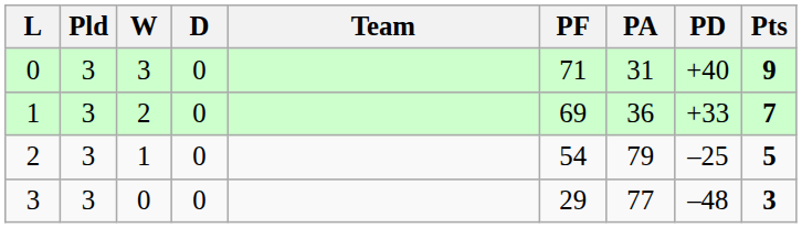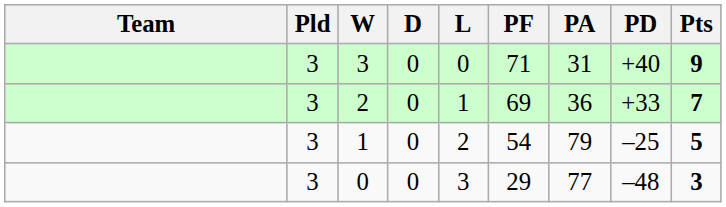 <table class="wikitable" style="text-align:center;">
 <tr>
-<th width=25 abbr="Lost">L</th>
+<th width=175>Team</th>
 <th width=25 abbr="Played">Pld</th>
 <th width=25 abbr="Won">W</th>
 <th width=25 abbr="Drawn">D</th>
-<th width=175>Team</th>
+<th width=25 abbr="Lost">L</th>
 <th width=32 abbr="Points for">PF</th>
 <th width=32 abbr="Points against">PA</th>
 <th width=32 abbr="Points difference">PD</th>
 <th width=25 abbr="Points">Pts</th>
 </tr>
 <tr bgcolor=ccffcc>
-<td>0</td>
+<td align=left></td>
 <td>3</td>
 <td>3</td>
 <td>0</td>
-<td align=left></td>
+<td>0</td>
 <td>71</td>
 <td>31</td>
 <td>+40</td>
 <td><strong>9</strong></td>
 </tr>
 <tr bgcolor=ccffcc>
-<td>1</td>
+<td align=left></td>
 <td>3</td>
 <td>2</td>
 <td>0</td>
-<td align=left></td>
+<td>1</td>
 <td>69</td>
 <td>36</td>
 <td>+33</td>
 <td><strong>7</strong></td>
 </tr>
 <tr>
-<td>2</td>
+<td align=left></td>
 <td>3</td>
 <td>1</td>
 <td>0</td>
-<td align=left></td>
+<td>2</td>
 <td>54</td>
 <td>79</td>
 <td>–25</td>
 <td><strong>5</strong></td>
 </tr>
 <tr>
-<td>3</td>
+<td align=left></td>
 <td>3</td>
 <td>0</td>
 <td>0</td>
-<td align=left></td>
+<td>3</td>
 <td>29</td>
 <td>77</td>
 <td>–48</td>
 <td><strong>3</strong></td>
 </tr>
 </table>
